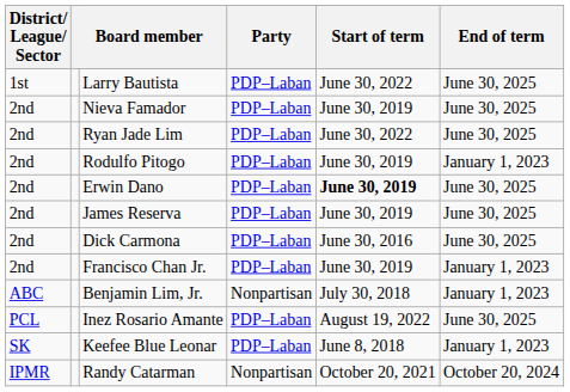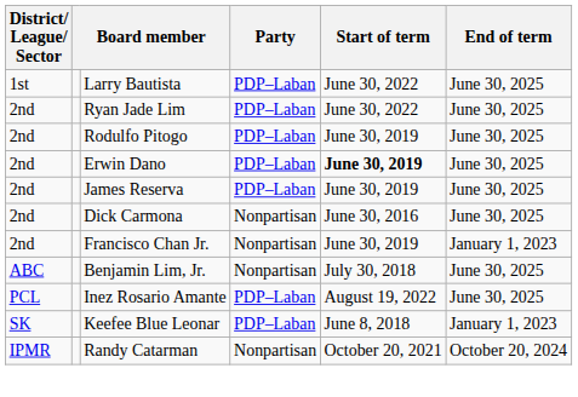 <table class="wikitable">
 <tr>
 <th>District/<br>League/<br>Sector</th>
 <th colspan="2">Board member</th>
 <th>Party</th>
 <th>Start of term</th>
 <th>End of term</th>
 </tr>
 <tr>
 <td>1st</td>
 <td></td>
 <td>Larry Bautista</td>
 <td><a href='#'>PDP–Laban</a></td>
 <td>June 30, 2022</td>
 <td>June 30, 2025</td>
 </tr>
 <tr>
 <td>2nd</td>
 <td></td>
-<td>Nieva Famador</td>
-<td><a href='#'>PDP–Laban</a></td>
-<td>June 30, 2019</td>
-<td>June 30, 2025</td>
-</tr>
-<tr>
-<td>2nd</td>
-<td></td>
 <td>Ryan Jade Lim</td>
 <td><a href='#'>PDP–Laban</a></td>
 <td>June 30, 2022</td>
 <td>June 30, 2025</td>
 </tr>
 <tr>
 <td>2nd</td>
 <td></td>
 <td>Rodulfo Pitogo</td>
 <td><a href='#'>PDP–Laban</a></td>
 <td>June 30, 2019</td>
-<td>January 1, 2023</td>
+<td>June 30, 2025</td>
 </tr>
 <tr>
 <td>2nd</td>
 <td></td>
 <td>Erwin Dano</td>
 <td><a href='#'>PDP–Laban</a></td>
 <td><strong>June 30, 2019</strong></td>
 <td>June 30, 2025</td>
 </tr>
 <tr>
 <td>2nd</td>
 <td></td>
 <td>James Reserva</td>
 <td><a href='#'>PDP–Laban</a></td>
 <td>June 30, 2019</td>
 <td>June 30, 2025</td>
 </tr>
 <tr>
 <td>2nd</td>
 <td></td>
 <td>Dick Carmona</td>
-<td><a href='#'>PDP–Laban</a></td>
+<td>Nonpartisan</td>
 <td>June 30, 2016</td>
 <td>June 30, 2025</td>
 </tr>
 <tr>
 <td>2nd</td>
 <td></td>
 <td>Francisco Chan Jr.</td>
-<td><a href='#'>PDP–Laban</a></td>
+<td>Nonpartisan</td>
 <td>June 30, 2019</td>
 <td>January 1, 2023</td>
 </tr>
 <tr>
 <td><a href='#'>ABC</a></td>
 <td></td>
 <td>Benjamin Lim, Jr.</td>
 <td>Nonpartisan</td>
 <td>July 30, 2018</td>
-<td>January 1, 2023</td>
+<td>June 30, 2025</td>
 </tr>
 <tr>
 <td><a href='#'>PCL</a></td>
 <td></td>
 <td>Inez Rosario Amante</td>
 <td><a href='#'>PDP–Laban</a></td>
 <td>August 19, 2022</td>
 <td>June 30, 2025</td>
 </tr>
 <tr>
 <td><a href='#'>SK</a></td>
 <td></td>
 <td>Keefee Blue Leonar</td>
 <td><a href='#'>PDP–Laban</a></td>
 <td>June 8, 2018</td>
 <td>January 1, 2023</td>
 </tr>
 <tr>
 <td><a href='#'>IPMR</a></td>
 <td></td>
 <td>Randy Catarman</td>
 <td>Nonpartisan</td>
 <td>October 20, 2021</td>
 <td>October 20, 2024</td>
 </tr>
 </table>
